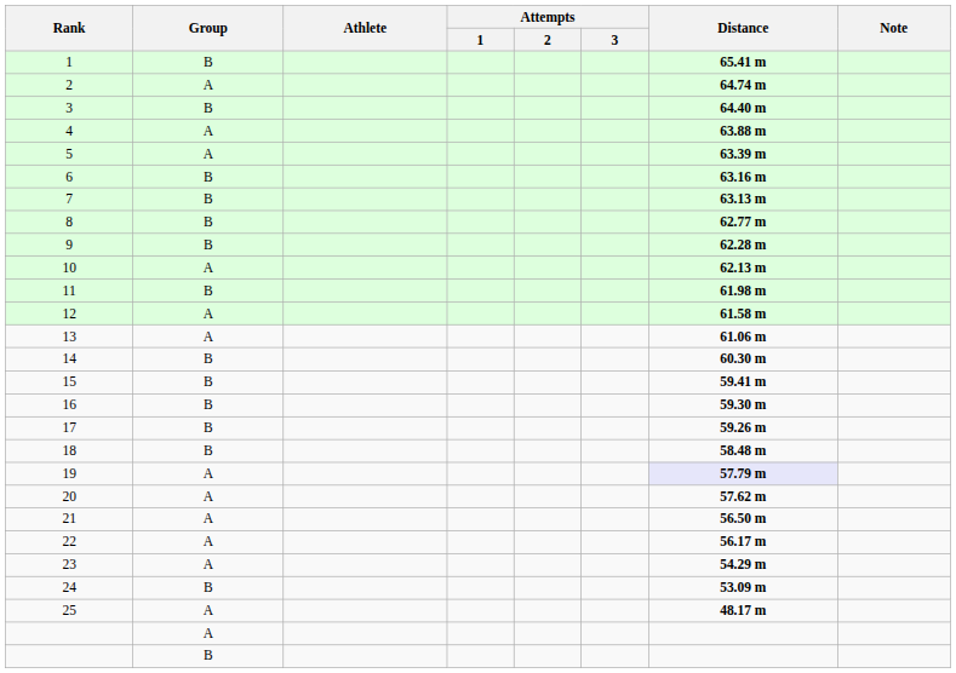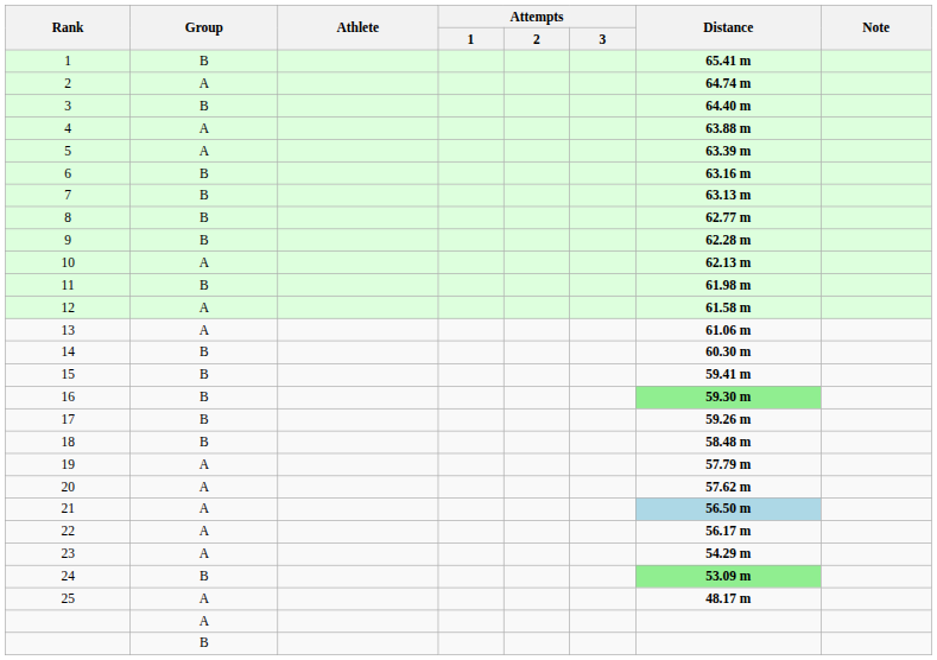 <table class="wikitable sortable" style=" text-align:center; font-size:110%;" width="95%">
 <tr>
 <th rowspan="2">Rank</th>
 <th rowspan="2">Group</th>
 <th rowspan="2">Athlete</th>
 <th colspan="3">Attempts</th>
 <th rowspan="2">Distance</th>
 <th rowspan="2">Note</th>
 </tr>
 <tr>
 <th>1</th>
 <th>2</th>
 <th>3</th>
 </tr>
 <tr bgcolor=ddffdd>
 <td>1</td>
 <td>B</td>
 <td align=left></td>
 <td></td>
 <td></td>
 <td></td>
 <td><strong>65.41 m </strong></td>
 <td></td>
 </tr>
 <tr bgcolor=ddffdd>
 <td>2</td>
 <td>A</td>
 <td align=left></td>
 <td></td>
 <td></td>
 <td></td>
 <td><strong>64.74 m </strong></td>
 <td></td>
 </tr>
 <tr bgcolor=ddffdd>
 <td>3</td>
 <td>B</td>
 <td align=left></td>
 <td></td>
 <td></td>
 <td></td>
 <td><strong>64.40 m </strong></td>
 <td></td>
 </tr>
 <tr bgcolor=ddffdd>
 <td>4</td>
 <td>A</td>
 <td align=left></td>
 <td></td>
 <td></td>
 <td></td>
 <td><strong>63.88 m </strong></td>
 <td></td>
 </tr>
 <tr bgcolor=ddffdd>
 <td>5</td>
 <td>A</td>
 <td align=left></td>
 <td></td>
 <td></td>
 <td></td>
 <td><strong>63.39 m </strong></td>
 <td></td>
 </tr>
 <tr bgcolor=ddffdd>
 <td>6</td>
 <td>B</td>
 <td align=left></td>
 <td></td>
 <td></td>
 <td></td>
 <td><strong>63.16 m </strong></td>
 <td></td>
 </tr>
 <tr bgcolor=ddffdd>
 <td>7</td>
 <td>B</td>
 <td align=left></td>
 <td></td>
 <td></td>
 <td></td>
 <td><strong>63.13 m </strong></td>
 <td></td>
 </tr>
 <tr bgcolor=ddffdd>
 <td>8</td>
 <td>B</td>
 <td align=left></td>
 <td></td>
 <td></td>
 <td></td>
 <td><strong>62.77 m </strong></td>
 <td></td>
 </tr>
 <tr bgcolor=ddffdd>
 <td>9</td>
 <td>B</td>
 <td align=left></td>
 <td></td>
 <td></td>
 <td></td>
 <td><strong>62.28 m </strong></td>
 <td></td>
 </tr>
 <tr bgcolor=ddffdd>
 <td>10</td>
 <td>A</td>
 <td align=left></td>
 <td></td>
 <td></td>
 <td></td>
 <td><strong>62.13 m </strong></td>
 <td></td>
 </tr>
 <tr bgcolor=ddffdd>
 <td>11</td>
 <td>B</td>
 <td align=left></td>
 <td></td>
 <td></td>
 <td></td>
 <td><strong>61.98 m </strong></td>
 <td></td>
 </tr>
 <tr bgcolor=ddffdd>
 <td>12</td>
 <td>A</td>
 <td align=left></td>
 <td></td>
 <td></td>
 <td></td>
 <td><strong>61.58 m </strong></td>
 <td></td>
 </tr>
 <tr>
 <td>13</td>
 <td>A</td>
 <td align=left></td>
 <td></td>
 <td></td>
 <td></td>
 <td><strong>61.06 m </strong></td>
 <td></td>
 </tr>
 <tr>
 <td>14</td>
 <td>B</td>
 <td align=left></td>
 <td></td>
 <td></td>
 <td></td>
 <td><strong>60.30 m </strong></td>
 <td></td>
 </tr>
 <tr>
 <td>15</td>
 <td>B</td>
 <td align=left></td>
 <td></td>
 <td></td>
 <td></td>
 <td><strong>59.41 m </strong></td>
 <td></td>
 </tr>
 <tr>
 <td>16</td>
 <td>B</td>
 <td align=left></td>
 <td></td>
 <td></td>
 <td></td>
-<td><strong>59.30 m </strong></td>
+<td style="background: lightgreen;"><strong>59.30 m </strong></td>
 <td></td>
 </tr>
 <tr>
 <td>17</td>
 <td>B</td>
 <td align=left></td>
 <td></td>
 <td></td>
 <td></td>
 <td><strong>59.26 m </strong></td>
 <td></td>
 </tr>
 <tr>
 <td>18</td>
 <td>B</td>
 <td align=left></td>
 <td></td>
 <td></td>
 <td></td>
 <td><strong>58.48 m </strong></td>
 <td></td>
 </tr>
 <tr>
 <td>19</td>
 <td>A</td>
 <td align=left></td>
 <td></td>
 <td></td>
 <td></td>
-<td style="background: lavender;"><strong>57.79 m </strong></td>
+<td><strong>57.79 m </strong></td>
 <td></td>
 </tr>
 <tr>
 <td>20</td>
 <td>A</td>
 <td align=left></td>
 <td></td>
 <td></td>
 <td></td>
 <td><strong>57.62 m </strong></td>
 <td></td>
 </tr>
 <tr>
 <td>21</td>
 <td>A</td>
 <td align=left></td>
 <td></td>
 <td></td>
 <td></td>
-<td><strong>56.50 m </strong></td>
+<td style="background: lightblue;"><strong>56.50 m </strong></td>
 <td></td>
 </tr>
 <tr>
 <td>22</td>
 <td>A</td>
 <td align=left></td>
 <td></td>
 <td></td>
 <td></td>
 <td><strong>56.17 m</strong></td>
 <td></td>
 </tr>
 <tr>
 <td>23</td>
 <td>A</td>
 <td align=left></td>
 <td></td>
 <td></td>
 <td></td>
 <td><strong>54.29 m</strong></td>
 <td></td>
 </tr>
 <tr>
 <td>24</td>
 <td>B</td>
 <td align=left></td>
 <td></td>
 <td></td>
 <td></td>
-<td><strong>53.09 m</strong></td>
+<td style="background: lightgreen;"><strong>53.09 m</strong></td>
 <td></td>
 </tr>
 <tr>
 <td>25</td>
 <td>A</td>
 <td align=left></td>
 <td></td>
 <td></td>
 <td></td>
 <td><strong>48.17 m</strong></td>
 <td></td>
 </tr>
 <tr>
 <td></td>
 <td>A</td>
 <td align=left></td>
 <td></td>
 <td></td>
 <td></td>
 <td><strong></strong></td>
 <td></td>
 </tr>
 <tr>
 <td></td>
 <td>B</td>
 <td align=left></td>
 <td></td>
 <td></td>
 <td></td>
 <td><strong></strong></td>
 <td></td>
 </tr>
 </table>
